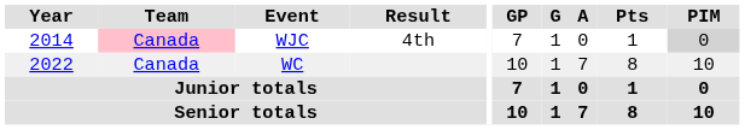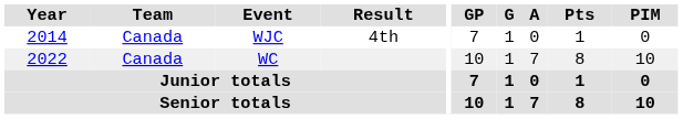 <table border="0" cellpadding="1" cellspacing="0" ID="Table3" style="text-align:center; width:40em">
 <tr ALIGN="center" bgcolor="#e0e0e0">
 <th>Year</th>
 <th>Team</th>
 <th>Event</th>
 <th>Result</th>
 <th rowspan="99" bgcolor="#ffffff"></th>
 <th>GP</th>
 <th>G</th>
 <th>A</th>
 <th>Pts</th>
 <th>PIM</th>
 </tr>
 <tr>
 <td><a href='#'>2014</a></td>
-<td style="background: pink;"><a href='#'>Canada</a></td>
+<td><a href='#'>Canada</a></td>
 <td><a href='#'>WJC</a></td>
 <td>4th</td>
 <td>7</td>
 <td>1</td>
 <td>0</td>
 <td>1</td>
-<td style="background: lightgrey;">0</td>
+<td>0</td>
 </tr>
 <tr bgcolor="#f0f0f0">
 <td><a href='#'>2022</a></td>
 <td><a href='#'>Canada</a></td>
 <td><a href='#'>WC</a></td>
 <td></td>
 <td>10</td>
 <td>1</td>
 <td>7</td>
 <td>8</td>
 <td>10</td>
 </tr>
 <tr ALIGN="center" bgcolor="#e0e0e0">
 <th colspan=4>Junior totals</th>
 <th>7</th>
 <th>1</th>
 <th>0</th>
 <th>1</th>
 <th>0</th>
 </tr>
 <tr ALIGN="center" bgcolor="#e0e0e0">
 <th colspan=4>Senior totals</th>
 <th>10</th>
 <th>1</th>
 <th>7</th>
 <th>8</th>
 <th>10</th>
 </tr>
 </table>
